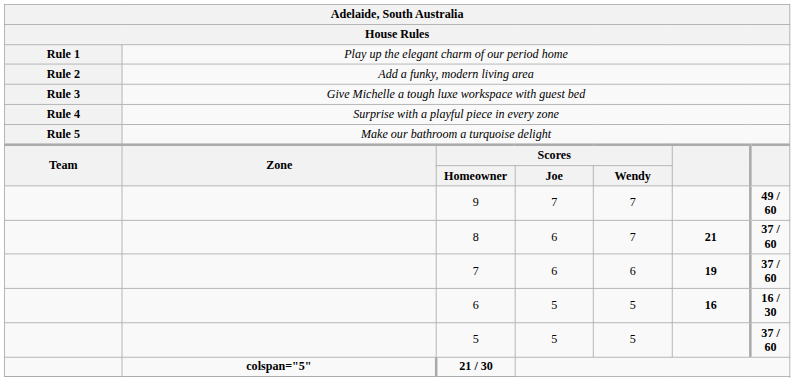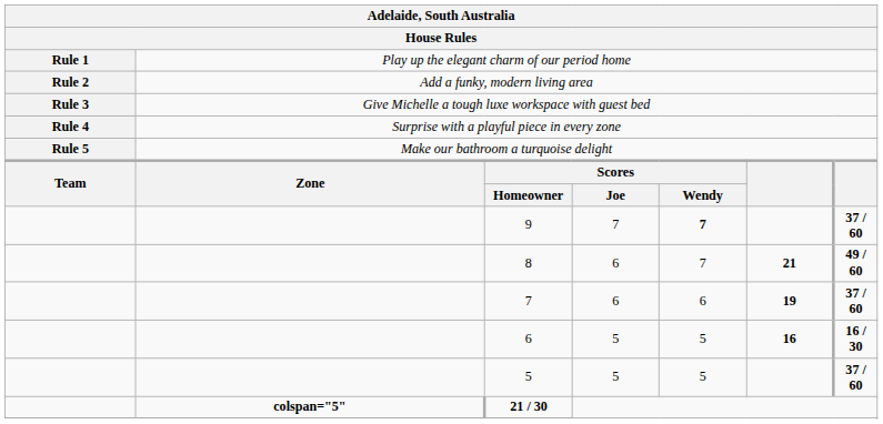 <table class="wikitable plainrowheaders" style="text-align:center; font-size:90%; width:65em;">
 <tr>
 <th colspan="7" >Adelaide, South Australia</th>
 </tr>
 <tr>
 <th colspan="7">House Rules</th>
 </tr>
 <tr>
 <th>Rule 1</th>
 <td colspan="6"><em>Play up the elegant charm of our period home</em></td>
 </tr>
 <tr>
 <th>Rule 2</th>
 <td colspan="6"><em>Add a funky, modern living area</em></td>
 </tr>
 <tr>
 <th>Rule 3</th>
 <td colspan="6"><em>Give Michelle a tough luxe workspace with guest bed</em></td>
 </tr>
 <tr>
 <th>Rule 4</th>
 <td colspan="6"><em>Surprise with a playful piece in every zone</em></td>
 </tr>
 <tr>
 <th>Rule 5</th>
 <td colspan="6"><em>Make our bathroom a turquoise delight</em></td>
 </tr>
 <tr style="border-top:3px solid #aaa;">
 <th rowspan="2">Team</th>
 <th rowspan="2" style="width:40%;">Zone</th>
 <th colspan="3" style="width:40%;">Scores</th>
 <th rowspan="2" style="width:10%;"></th>
 <th rowspan="2" style="width:10%; border-left:3px solid #aaa;"></th>
 </tr>
 <tr>
 <th style="width:10%;">Homeowner</th>
 <th style="width:10%;">Joe</th>
 <th style="width:10%;">Wendy</th>
 </tr>
 <tr>
 <td style="width:15%;"></td>
 <td></td>
 <td>9</td>
 <td>7</td>
-<td>7</td>
+<td><strong>7</strong></td>
 <td></td>
-<td style="border-left:3px solid #aaa;"><strong>49 / 60</strong></td>
+<td style="border-left:3px solid #aaa;"><strong>37 / 60</strong></td>
 </tr>
 <tr>
 <td style="width:15%;"></td>
 <td></td>
 <td>8</td>
 <td>6</td>
 <td>7</td>
 <td><strong>21</strong></td>
-<td style="border-left:3px solid #aaa;"><strong>37 / 60</strong></td>
+<td style="border-left:3px solid #aaa;"><strong>49 / 60</strong></td>
 </tr>
 <tr>
 <td style="width:15%;"></td>
 <td></td>
 <td>7</td>
 <td>6</td>
 <td>6</td>
 <td><strong>19</strong></td>
 <td style="border-left:3px solid #aaa;"><strong>37 / 60</strong></td>
 </tr>
 <tr>
 <td style="width:15%;"></td>
 <td></td>
 <td>6</td>
 <td>5</td>
 <td>5</td>
 <td><strong>16</strong></td>
 <td style="border-left:3px solid #aaa;"><strong>16 / 30</strong></td>
 </tr>
 <tr>
 <td style="width:15%;"></td>
 <td></td>
 <td>5</td>
 <td>5</td>
 <td>5</td>
 <td></td>
 <td style="border-left:3px solid #aaa;"><strong>37 / 60</strong></td>
 </tr>
 <tr>
 <td style="width:15%;"></td>
 <td><strong>colspan="5" </strong></td>
 <td style="border-left:3px solid #aaa;"><strong>21 / 30</strong></td>
 </tr>
 <tr>
 </tr>
 </table>
